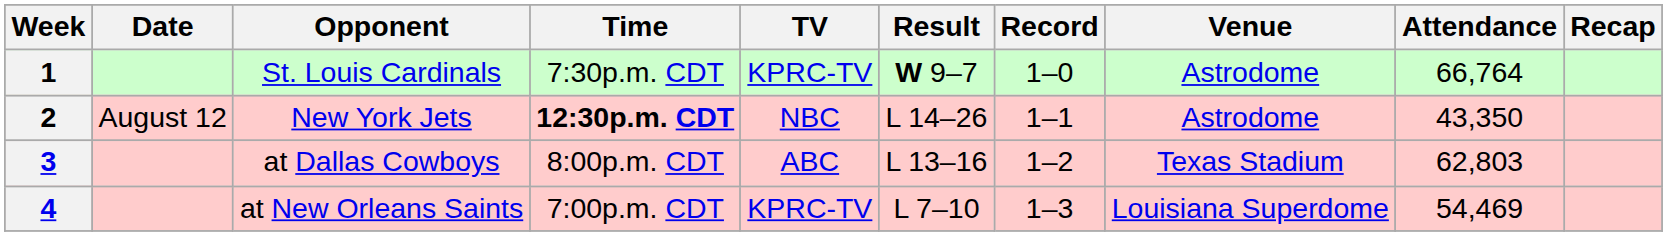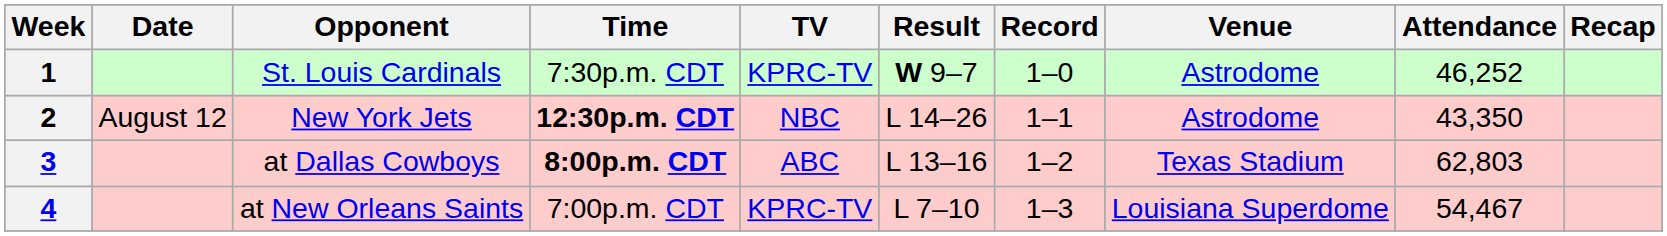 <table class="wikitable" style="text-align:center">
 <tr>
 <th>Week</th>
 <th>Date</th>
 <th>Opponent</th>
 <th>Time</th>
 <th>TV</th>
 <th>Result</th>
 <th>Record</th>
 <th>Venue</th>
 <th>Attendance</th>
 <th>Recap</th>
 </tr>
 <tr style="background:#cfc">
 <th>1</th>
 <td></td>
 <td><a href='#'>St. Louis Cardinals</a></td>
 <td>7:30p.m. <a href='#'>CDT</a></td>
 <td><a href='#'>KPRC-TV</a></td>
 <td><strong>W</strong> 9–7</td>
 <td>1–0</td>
 <td><a href='#'>Astrodome</a></td>
-<td>66,764</td>
+<td>46,252</td>
 <td></td>
 </tr>
 <tr style="background:#fcc">
 <th>2</th>
 <td>August 12</td>
 <td><a href='#'>New York Jets</a></td>
 <td><strong>12:30p.m. <a href='#'>CDT</a></strong></td>
 <td><a href='#'>NBC</a></td>
 <td>L 14–26</td>
 <td>1–1</td>
 <td><a href='#'>Astrodome</a></td>
 <td>43,350</td>
 <td></td>
 </tr>
 <tr style="background:#fcc">
 <th><a href='#'>3</a></th>
 <td></td>
 <td>at <a href='#'>Dallas Cowboys</a></td>
-<td>8:00p.m. <a href='#'>CDT</a></td>
+<td><strong>8:00p.m. <a href='#'>CDT</a></strong></td>
 <td><a href='#'>ABC</a></td>
 <td>L 13–16</td>
 <td>1–2</td>
 <td><a href='#'>Texas Stadium</a></td>
 <td>62,803</td>
 <td></td>
 </tr>
 <tr style="background:#fcc">
 <th><a href='#'>4</a></th>
 <td></td>
 <td>at <a href='#'>New Orleans Saints</a></td>
 <td>7:00p.m. <a href='#'>CDT</a></td>
 <td><a href='#'>KPRC-TV</a></td>
 <td>L 7–10</td>
 <td>1–3</td>
 <td><a href='#'>Louisiana Superdome</a></td>
-<td>54,469</td>
+<td>54,467</td>
 <td></td>
 </tr>
 </table>
